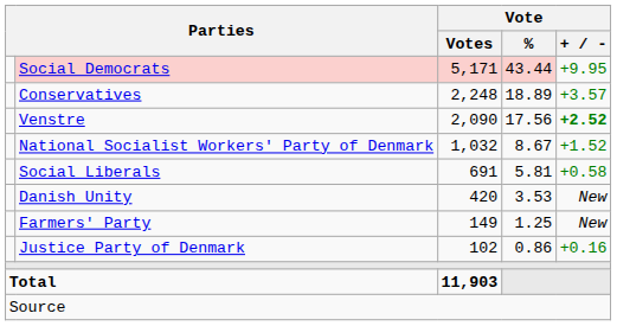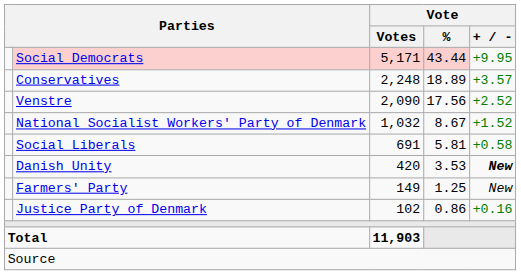 <table class="wikitable" style="text-align:right;">
 <tr>
 <th style="text-align:centre;" rowspan="2" colspan="2" width="225">Parties</th>
 <th colspan="3">Vote</th>
 </tr>
 <tr>
 <th width="15">Votes</th>
 <th width="15">%</th>
 <th width="15">+ / -</th>
 </tr>
 <tr>
 <td width="2" style="color:inherit;background:"></td>
 <td bgcolor=#fbd0ce  align="left"><a href='#'>Social Democrats</a></td>
 <td bgcolor=#fbd0ce>5,171</td>
 <td bgcolor=#fbd0ce>43.44</td>
 <td style=color:green;>+9.95</td>
 </tr>
 <tr>
 <td width="2" style="color:inherit;background:"></td>
 <td align="left"><a href='#'>Conservatives</a></td>
 <td>2,248</td>
 <td>18.89</td>
 <td style=color:green;>+3.57</td>
 </tr>
 <tr>
 <td width="2" style="color:inherit;background:"></td>
 <td align="left"><a href='#'>Venstre</a></td>
 <td>2,090</td>
 <td>17.56</td>
-<td style=color:green;><strong>+2.52</strong></td>
+<td style=color:green;>+2.52</td>
 </tr>
 <tr>
 <td width="2" style="color:inherit;background:"></td>
 <td align="left"><a href='#'>National Socialist Workers' Party of Denmark</a></td>
 <td>1,032</td>
 <td>8.67</td>
 <td style=color:green;>+1.52</td>
 </tr>
 <tr>
 <td width="2" style="color:inherit;background:"></td>
 <td align="left"><a href='#'>Social Liberals</a></td>
 <td>691</td>
 <td>5.81</td>
 <td style=color:green;>+0.58</td>
 </tr>
 <tr>
 <td width="2" style="color:inherit;background:"></td>
 <td align="left"><a href='#'>Danish Unity</a></td>
 <td>420</td>
 <td>3.53</td>
-<td><em>New</em></td>
+<td><strong><em>New</em></strong></td>
 </tr>
 <tr>
 <td width="2" style="color:inherit;background:"></td>
 <td align="left"><a href='#'>Farmers' Party</a></td>
 <td>149</td>
 <td>1.25</td>
 <td><em>New</em></td>
 </tr>
 <tr>
 <td width="2" style="color:inherit;background:"></td>
 <td align="left"><a href='#'>Justice Party of Denmark</a></td>
 <td>102</td>
 <td>0.86</td>
 <td style=color:green;>+0.16</td>
 </tr>
 <tr>
 <td colspan="7" bgcolor="#E9E9E9"></td>
 </tr>
 <tr>
 <td align="left" colspan="2"><strong>Total</strong></td>
 <td><strong>11,903</strong></td>
 <td bgcolor="#E9E9E9" colspan="2"></td>
 </tr>
 <tr>
 <td align="left" colspan="6">Source</td>
 </tr>
 </table>
